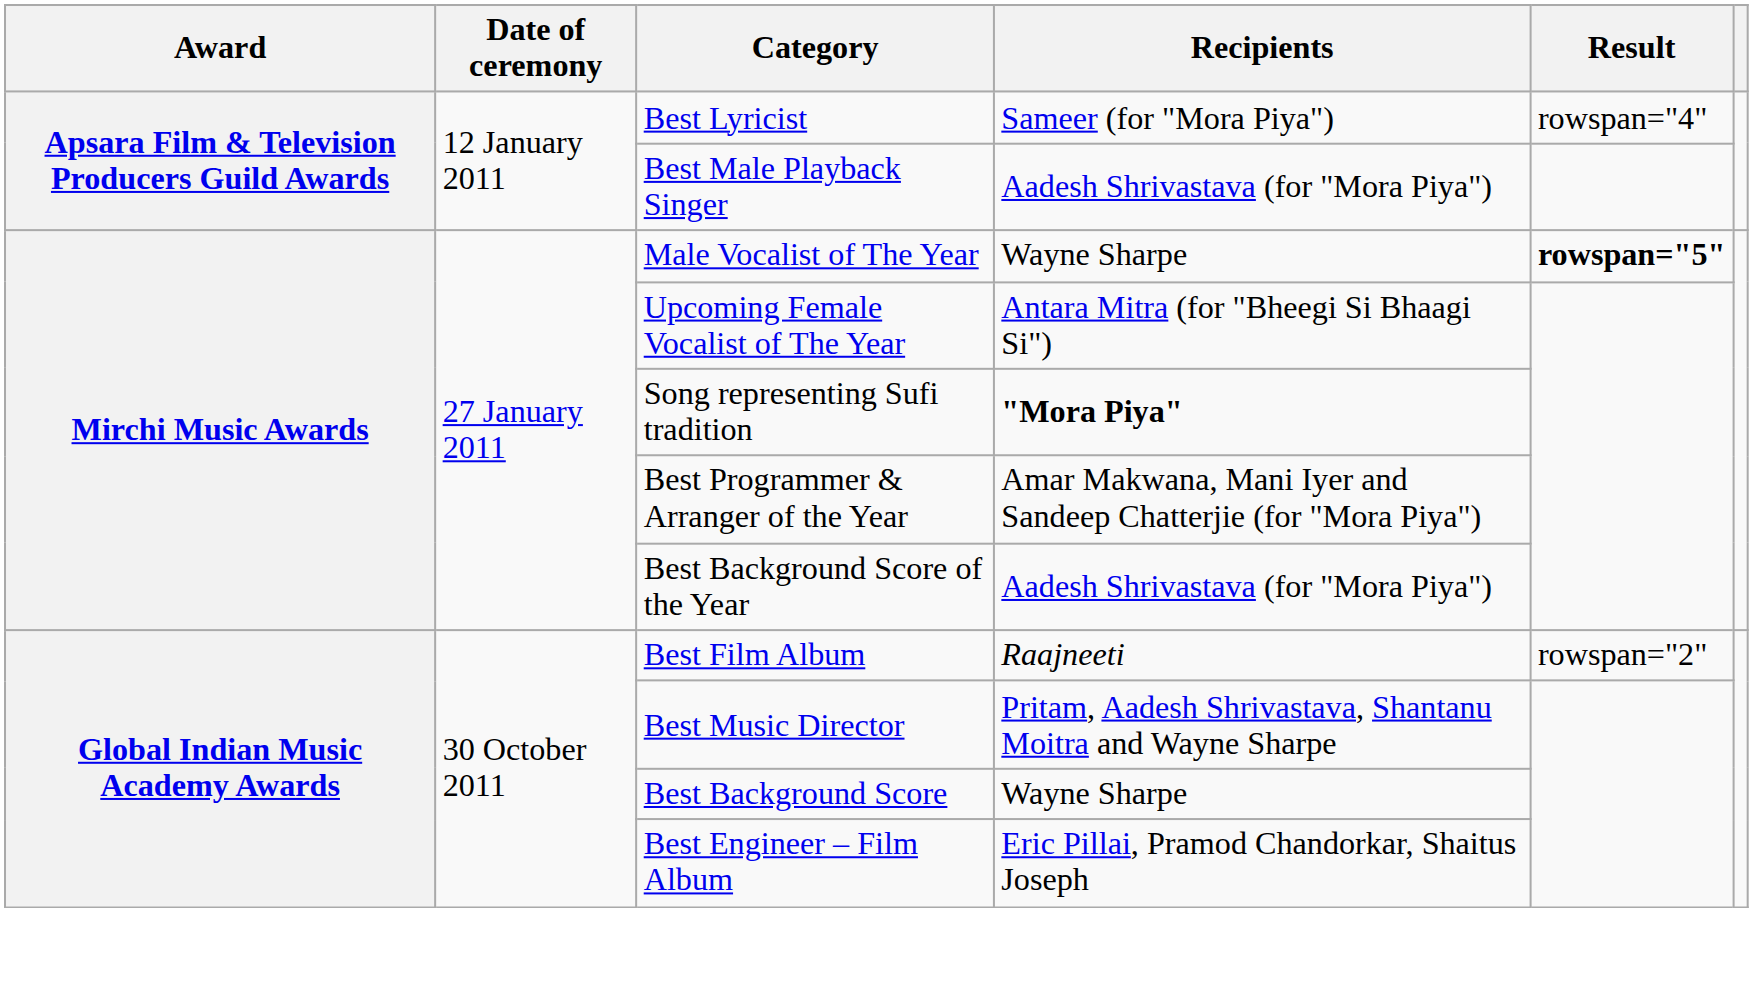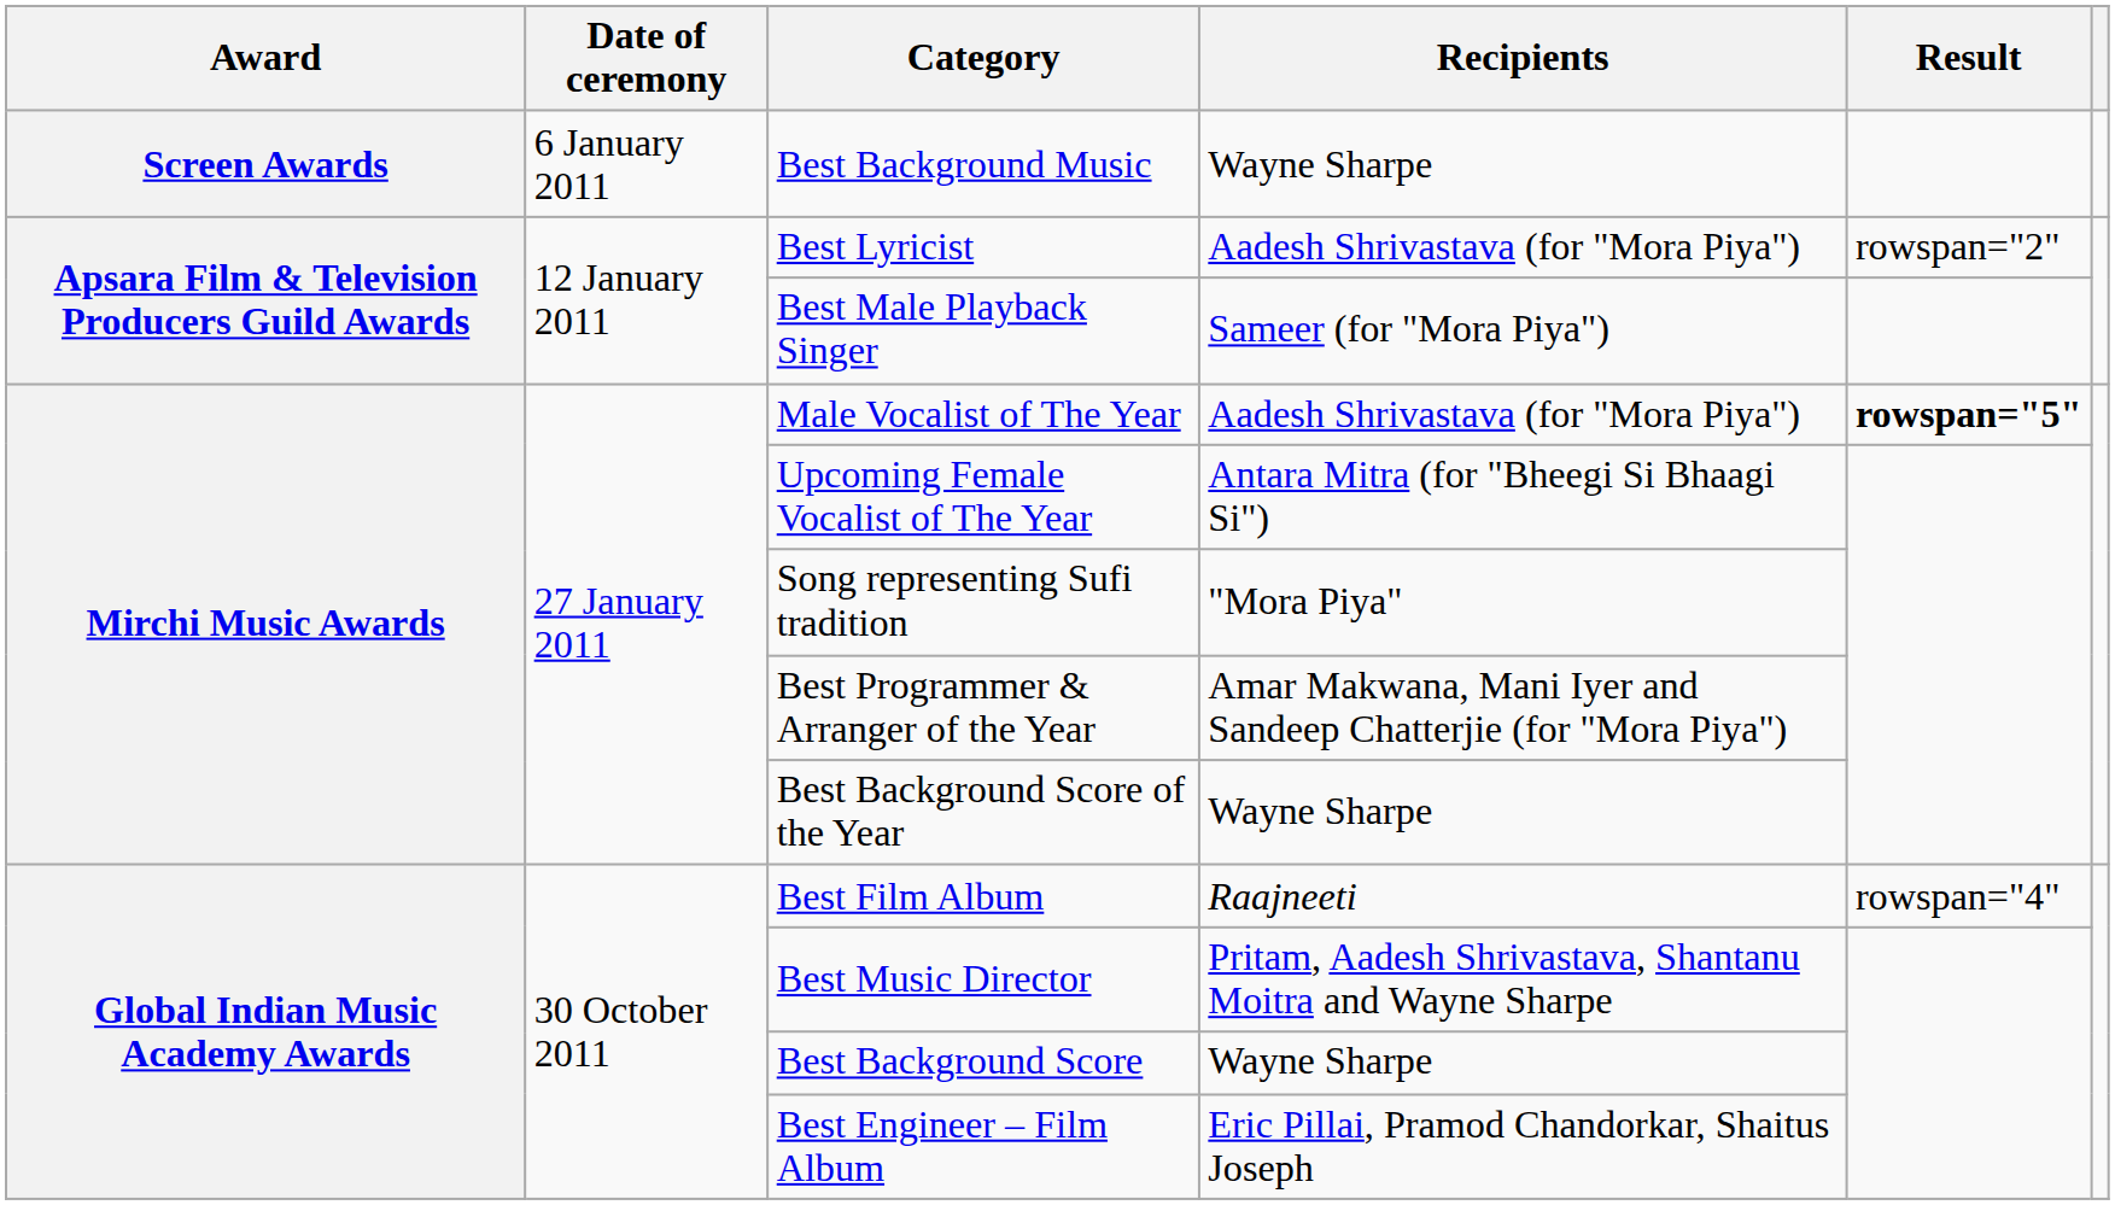 <table class="wikitable plainrowheaders sortable">
 <tr>
 <th scope="col">Award</th>
 <th scope="col">Date of ceremony</th>
 <th scope="col">Category</th>
 <th scope="col">Recipients</th>
 <th scope="col">Result</th>
 <th scope="col" class="unsortable"></th>
 </tr>
 <tr>
+<th scope="row"><a href='#'>Screen Awards</a></th>
+<td>6 January 2011</td>
+<td><a href='#'>Best Background Music</a></td>
+<td>Wayne Sharpe</td>
+<td></td>
+<td style="text-align:center;"><br><br></td>
+</tr>
+<tr>
 <th rowspan="2" scope="row"><a href='#'>Apsara Film & Television Producers Guild Awards</a></th>
 <td rowspan="2">12 January 2011</td>
 <td><a href='#'>Best Lyricist</a></td>
-<td><a href='#'>Sameer</a> (for "Mora Piya")</td>
-<td>rowspan="4" </td>
+<td><a href='#'>Aadesh Shrivastava</a> (for "Mora Piya")</td>
+<td>rowspan="2" </td>
 <td rowspan="2" style="text-align:center;"><br><br></td>
 </tr>
 <tr>
 <td><a href='#'>Best Male Playback Singer</a></td>
-<td><a href='#'>Aadesh Shrivastava</a> (for "Mora Piya")</td>
+<td><a href='#'>Sameer</a> (for "Mora Piya")</td>
 </tr>
 <tr>
 <th rowspan="5" scope="row"><a href='#'>Mirchi Music Awards</a></th>
 <td rowspan="5"><a href='#'>27 January 2011</a></td>
 <td><a href='#'>Male Vocalist of The Year</a></td>
-<td>Wayne Sharpe</td>
+<td><a href='#'>Aadesh Shrivastava</a> (for "Mora Piya")</td>
 <td><strong>rowspan="5" </strong></td>
 <td rowspan="5" style="text-align:center;"><br><br><br><br></td>
 </tr>
 <tr>
 <td><a href='#'>Upcoming Female Vocalist of The Year</a></td>
 <td><a href='#'>Antara Mitra</a> (for "Bheegi Si Bhaagi Si")</td>
 </tr>
 <tr>
 <td>Song representing Sufi tradition</td>
-<td><strong>"Mora Piya"</strong></td>
+<td>"Mora Piya"</td>
 </tr>
 <tr>
 <td>Best Programmer & Arranger of the Year</td>
 <td>Amar Makwana, Mani Iyer and Sandeep Chatterjie (for "Mora Piya")</td>
 </tr>
 <tr>
 <td>Best Background Score of the Year</td>
-<td><a href='#'>Aadesh Shrivastava</a> (for "Mora Piya")</td>
+<td>Wayne Sharpe</td>
 </tr>
 <tr>
 <th rowspan="4" scope="row"><a href='#'>Global Indian Music Academy Awards</a></th>
 <td rowspan="4">30 October 2011</td>
 <td><a href='#'>Best Film Album</a></td>
 <td><em>Raajneeti</em></td>
-<td>rowspan="2" </td>
+<td>rowspan="4" </td>
 <td rowspan="4" style="text-align:center;"><br><br></td>
 </tr>
 <tr>
 <td><a href='#'>Best Music Director</a></td>
 <td><a href='#'>Pritam</a>, <a href='#'>Aadesh Shrivastava</a>, <a href='#'>Shantanu Moitra</a> and Wayne Sharpe</td>
 </tr>
 <tr>
 <td><a href='#'>Best Background Score</a></td>
 <td>Wayne Sharpe</td>
 </tr>
 <tr>
 <td><a href='#'>Best Engineer – Film Album</a></td>
 <td><a href='#'>Eric Pillai</a>, Pramod Chandorkar, Shaitus Joseph</td>
 </tr>
 </table>
